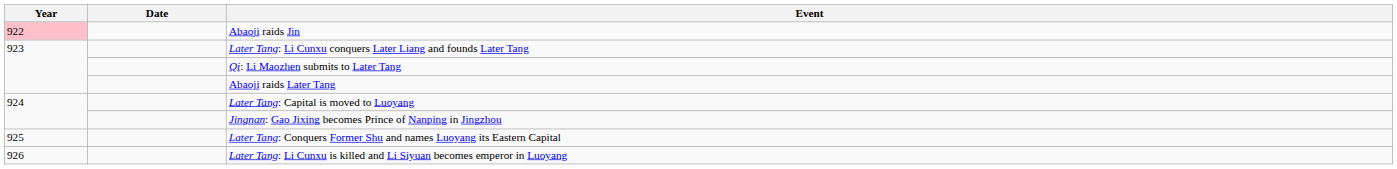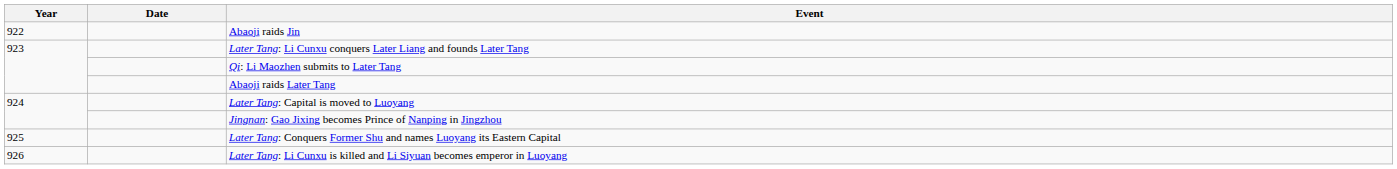 <table class="wikitable" width="100%">
 <tr>
 <th style="width:6%">Year</th>
 <th style="width:10%">Date</th>
 <th>Event</th>
 </tr>
 <tr>
-<td style="background: pink;">922</td>
+<td>922</td>
 <td></td>
 <td><a href='#'>Abaoji</a> raids <a href='#'>Jin</a></td>
 </tr>
 <tr>
 <td rowspan="3" valign="top">923</td>
 <td></td>
 <td><em><a href='#'>Later Tang</a></em>: <a href='#'>Li Cunxu</a> conquers <a href='#'>Later Liang</a> and founds <a href='#'>Later Tang</a></td>
 </tr>
 <tr>
 <td></td>
 <td><em><a href='#'>Qi</a></em>: <a href='#'>Li Maozhen</a> submits to <a href='#'>Later Tang</a></td>
 </tr>
 <tr>
 <td></td>
 <td><a href='#'>Abaoji</a> raids <a href='#'>Later Tang</a></td>
 </tr>
 <tr>
 <td rowspan="2" valign="top">924</td>
 <td></td>
 <td><em><a href='#'>Later Tang</a></em>: Capital is moved to <a href='#'>Luoyang</a></td>
 </tr>
 <tr>
 <td></td>
 <td><em><a href='#'>Jingnan</a></em>: <a href='#'>Gao Jixing</a> becomes Prince of <a href='#'>Nanping</a> in <a href='#'>Jingzhou</a></td>
 </tr>
 <tr>
 <td>925</td>
 <td></td>
 <td><em><a href='#'>Later Tang</a></em>: Conquers <a href='#'>Former Shu</a> and names <a href='#'>Luoyang</a> its Eastern Capital</td>
 </tr>
 <tr>
 <td>926</td>
 <td></td>
 <td><em><a href='#'>Later Tang</a></em>: <a href='#'>Li Cunxu</a> is killed and <a href='#'>Li Siyuan</a> becomes emperor in <a href='#'>Luoyang</a></td>
 </tr>
 </table>
